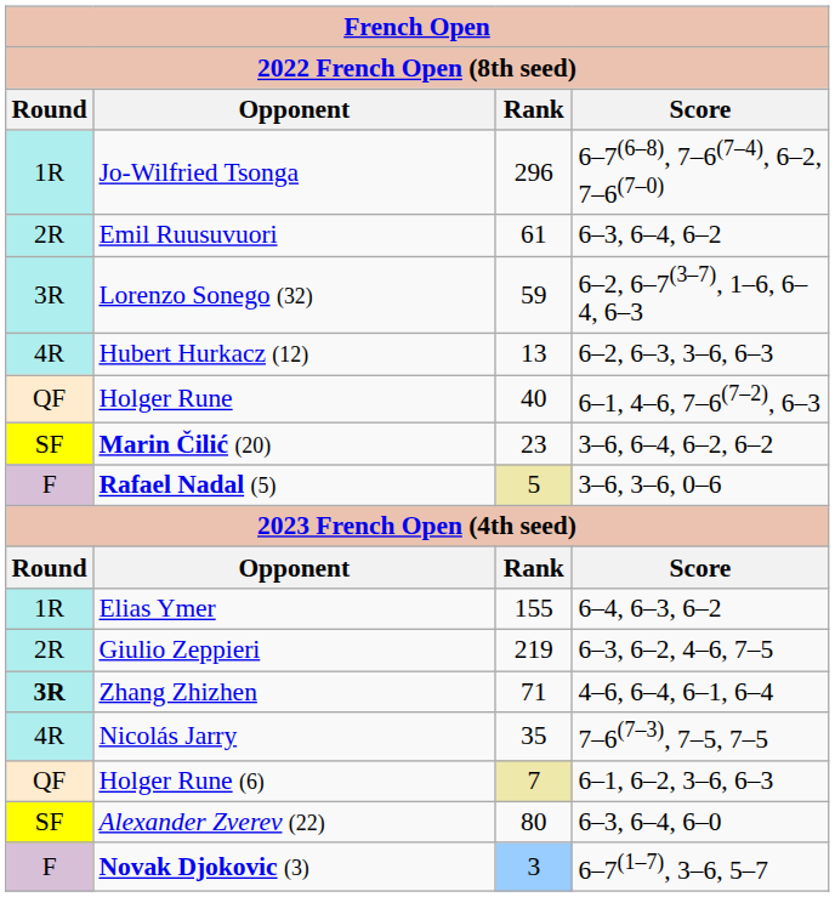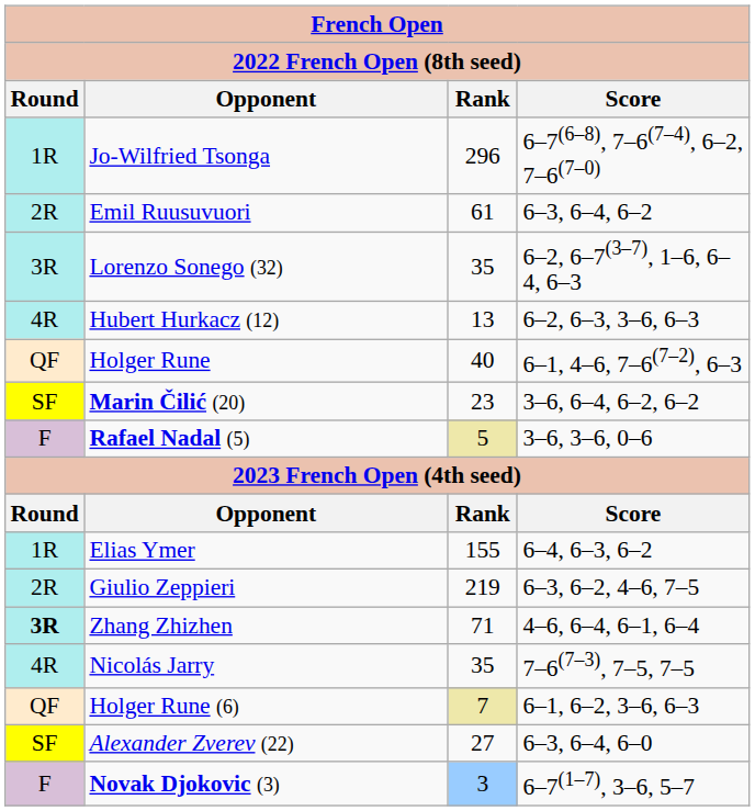 <table class="wikitable nowrap" style="display:inline-table;">
 <tr>
 <th colspan=4 style="background:#ebc2af;"><a href='#'>French Open</a></th>
 </tr>
 <tr>
 <th colspan=4 style="background:#ebc2af;"><a href='#'>2022 French Open</a> (8th seed)</th>
 </tr>
 <tr>
 <th width=40>Round</th>
 <th width=240>Opponent</th>
 <th width=40>Rank</th>
 <th width=150>Score</th>
 </tr>
 <tr>
 <td style="text-align:center; background:#afeeee;">1R</td>
 <td> <a href='#'>Jo-Wilfried Tsonga</a></td>
 <td style="text-align:center">296</td>
 <td>6–7<sup>(6–8)</sup>, 7–6<sup>(7–4)</sup>, 6–2, 7–6<sup>(7–0)</sup></td>
 </tr>
 <tr>
 <td style="text-align:center; background:#afeeee;">2R</td>
 <td> <a href='#'>Emil Ruusuvuori</a></td>
 <td style="text-align:center">61</td>
 <td>6–3, 6–4, 6–2</td>
 </tr>
 <tr>
 <td style="text-align:center; background:#afeeee;">3R</td>
 <td> <a href='#'>Lorenzo Sonego</a> <small>(32)</small></td>
-<td style="text-align:center">59</td>
+<td style="text-align:center">35</td>
 <td>6–2, 6–7<sup>(3–7)</sup>, 1–6, 6–4, 6–3</td>
 </tr>
 <tr>
 <td style="text-align:center; background:#afeeee;">4R</td>
 <td> <a href='#'>Hubert Hurkacz</a> <small>(12)</small></td>
 <td style="text-align:center;">13</td>
 <td>6–2, 6–3, 3–6, 6–3</td>
 </tr>
 <tr>
 <td style="text-align:center; background:#ffebcd;">QF</td>
 <td> <a href='#'>Holger Rune</a></td>
 <td style="text-align:center">40</td>
 <td>6–1, 4–6, 7–6<sup>(7–2)</sup>, 6–3</td>
 </tr>
 <tr>
 <td style="text-align:center; background:yellow;">SF</td>
 <td> <strong><a href='#'>Marin Čilić</a></strong> <small>(20)</small></td>
 <td style="text-align:center">23</td>
 <td>3–6, 6–4, 6–2, 6–2</td>
 </tr>
 <tr>
 <td style="text-align:center; background:thistle;">F</td>
 <td> <strong><a href='#'>Rafael Nadal</a></strong> <small>(5)</small></td>
 <td align=center bgcolor=EEE8AA>5</td>
 <td>3–6, 3–6, 0–6</td>
 </tr>
 <tr>
 <th colspan=4 style="background:#ebc2af;"><a href='#'>2023 French Open</a> (4th seed)</th>
 </tr>
 <tr>
 <th width=40>Round</th>
 <th width=240>Opponent</th>
 <th width=40>Rank</th>
 <th width=150>Score</th>
 </tr>
 <tr>
 <td style="text-align:center; background:#afeeee;">1R</td>
 <td> <a href='#'>Elias Ymer</a></td>
 <td style="text-align:center">155</td>
 <td>6–4, 6–3, 6–2</td>
 </tr>
 <tr>
 <td style="text-align:center; background:#afeeee;">2R</td>
 <td> <a href='#'>Giulio Zeppieri</a></td>
 <td style="text-align:center">219</td>
 <td>6–3, 6–2, 4–6, 7–5</td>
 </tr>
 <tr>
 <td style="text-align:center; background:#afeeee;"><strong>3R</strong></td>
 <td> <a href='#'>Zhang Zhizhen</a></td>
 <td style="text-align:center">71</td>
 <td>4–6, 6–4, 6–1, 6–4</td>
 </tr>
 <tr>
 <td style="text-align:center; background:#afeeee;">4R</td>
 <td> <a href='#'>Nicolás Jarry</a></td>
 <td style="text-align:center">35</td>
 <td>7–6<sup>(7–3)</sup>, 7–5, 7–5</td>
 </tr>
 <tr>
 <td style="text-align:center; background:#ffebcd;">QF</td>
 <td> <a href='#'>Holger Rune</a> <small>(6)</small></td>
 <td align=center bgcolor=EEE8AA>7</td>
 <td>6–1, 6–2, 3–6, 6–3</td>
 </tr>
 <tr>
 <td style="text-align:center; background:yellow;">SF</td>
 <td> <em><a href='#'>Alexander Zverev</a></em> <small>(22)</small></td>
-<td style="text-align:center">80</td>
+<td style="text-align:center">27</td>
 <td>6–3, 6–4, 6–0</td>
 </tr>
 <tr>
 <td style="text-align:center; background:thistle;">F</td>
 <td> <strong><a href='#'>Novak Djokovic</a></strong> <small>(3)</small></td>
 <td align=center bgcolor=99ccff>3</td>
 <td>6–7<sup>(1–7)</sup>, 3–6, 5–7</td>
 </tr>
 </table>
